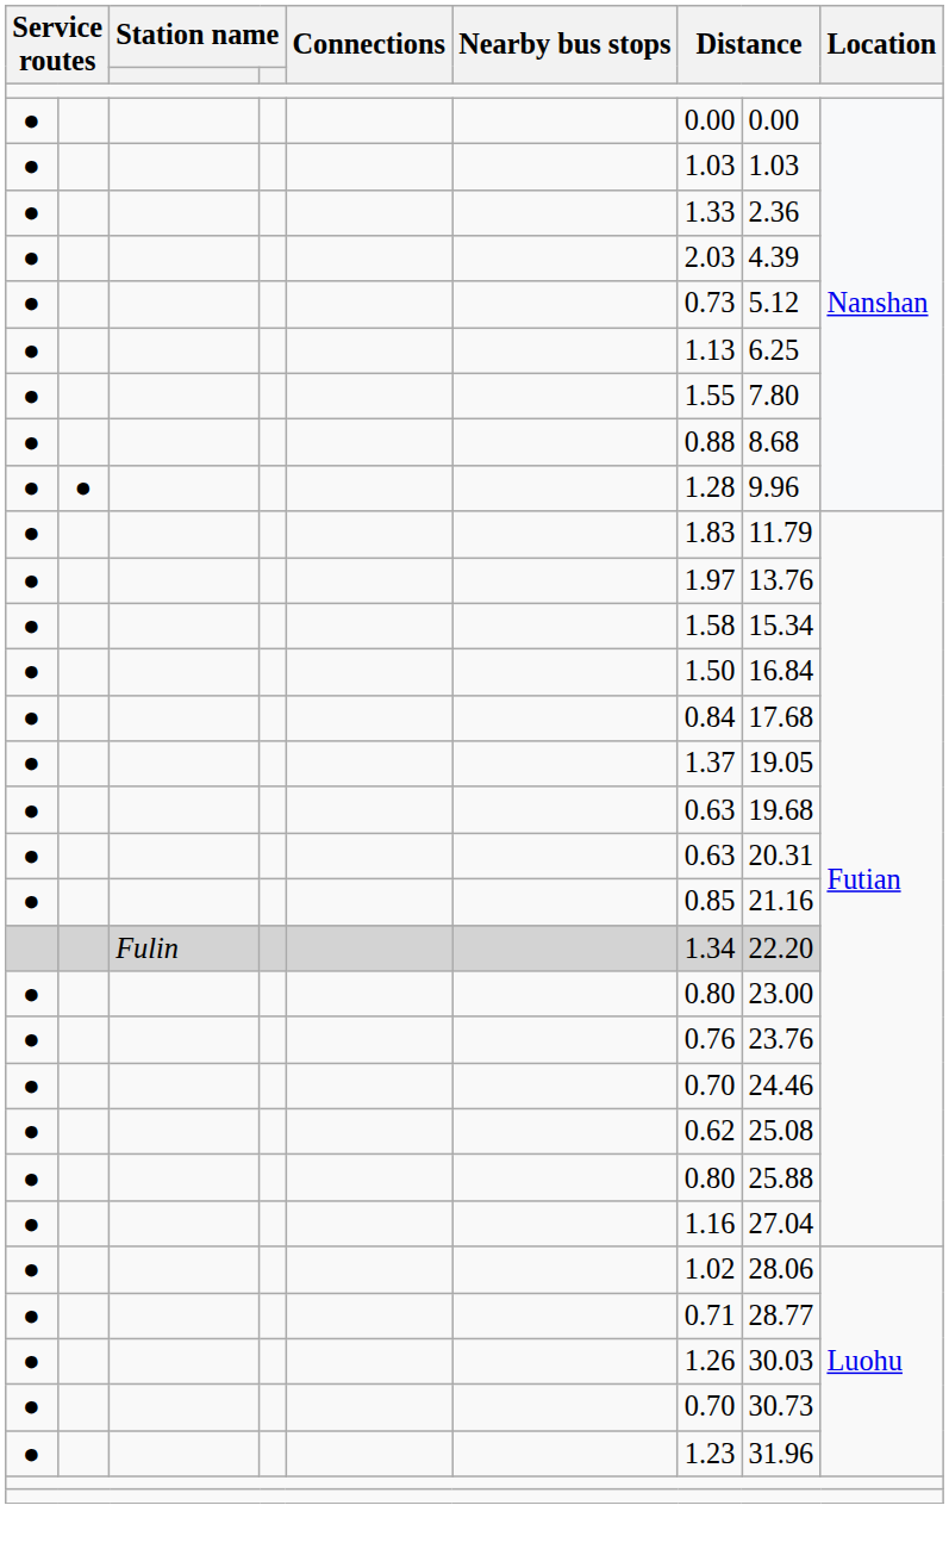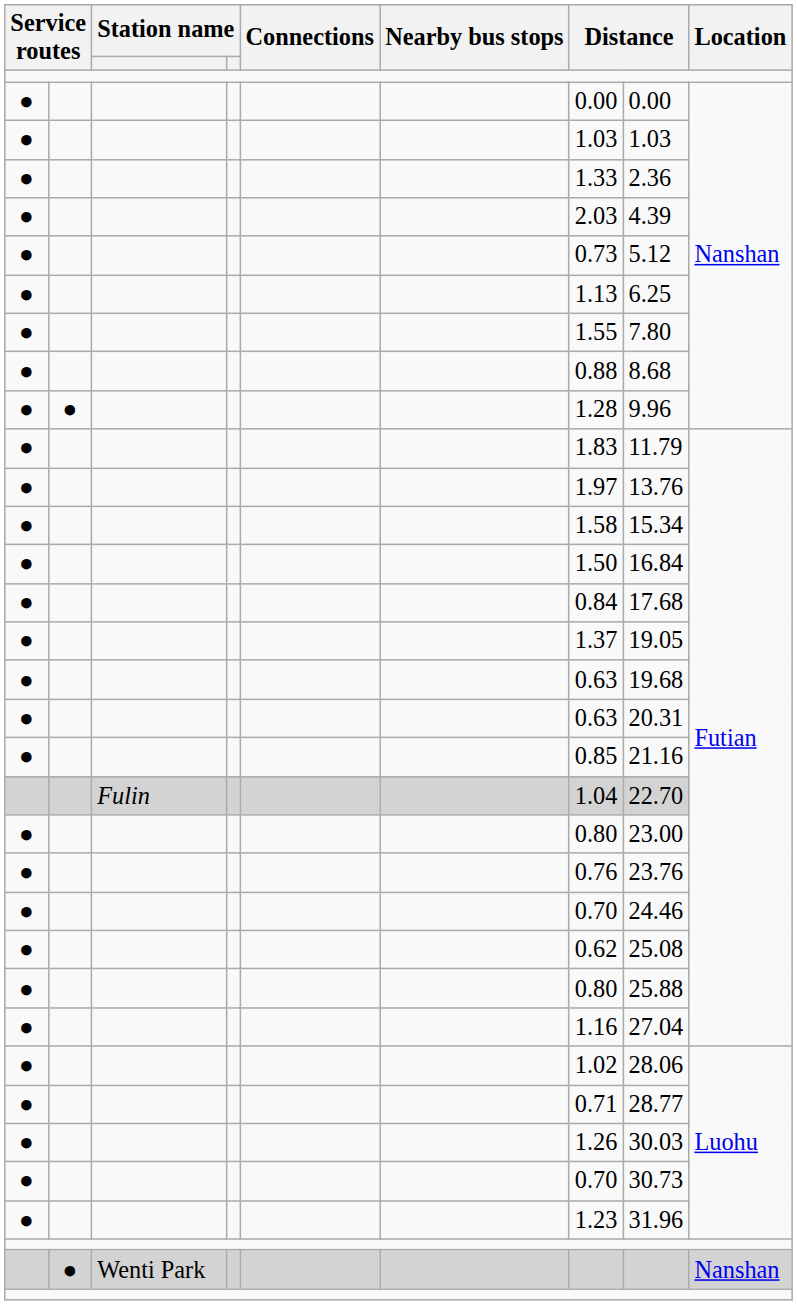 <table class="wikitable">
 <tr>
 <th rowspan="2" colspan="2">Service<br>routes</th>
 <th colspan="2">Station name</th>
 <th rowspan="2">Connections</th>
 <th rowspan="2">Nearby bus stops</th>
 <th colspan="2" rowspan="2">Distance<br></th>
 <th rowspan="2">Location</th>
 </tr>
 <tr>
 <th></th>
 <th></th>
 </tr>
 <tr style="background:#">
 <td colspan="9"></td>
 </tr>
 <tr>
 <td align="center">●</td>
 <td align="center"></td>
 <td></td>
 <td></td>
 <td></td>
 <td></td>
 <td>0.00</td>
 <td>0.00</td>
 <td bgcolor=#F8F9FA rowspan="9"><a href='#'>Nanshan</a></td>
 </tr>
 <tr>
 <td align="center">●</td>
 <td align="center"></td>
 <td></td>
 <td></td>
 <td></td>
 <td></td>
 <td>1.03</td>
 <td>1.03</td>
 </tr>
 <tr>
 <td align="center">●</td>
 <td align="center"></td>
 <td></td>
 <td></td>
 <td></td>
 <td></td>
 <td>1.33</td>
 <td>2.36</td>
 </tr>
 <tr>
 <td align="center">●</td>
 <td align="center"></td>
 <td></td>
 <td></td>
 <td> </td>
 <td></td>
 <td>2.03</td>
 <td>4.39</td>
 </tr>
 <tr>
 <td align="center">●</td>
 <td align="center"></td>
 <td></td>
 <td></td>
 <td></td>
 <td></td>
 <td>0.73</td>
 <td>5.12</td>
 </tr>
 <tr>
 <td align="center">●</td>
 <td align="center"></td>
 <td></td>
 <td></td>
 <td></td>
 <td></td>
 <td>1.13</td>
 <td>6.25</td>
 </tr>
 <tr>
 <td align="center">●</td>
 <td align="center"></td>
 <td></td>
 <td></td>
 <td></td>
 <td></td>
 <td>1.55</td>
 <td>7.80</td>
 </tr>
 <tr>
 <td align="center">●</td>
 <td align="center"></td>
 <td></td>
 <td></td>
 <td></td>
 <td></td>
 <td>0.88</td>
 <td>8.68</td>
 </tr>
 <tr>
 <td align="center">●</td>
 <td align="center">●</td>
 <td></td>
 <td></td>
 <td></td>
 <td></td>
 <td>1.28</td>
 <td>9.96</td>
 </tr>
 <tr>
 <td align="center">●</td>
 <td align="center"></td>
 <td></td>
 <td></td>
 <td> </td>
 <td></td>
 <td>1.83</td>
 <td>11.79</td>
 <td rowspan="16"><a href='#'>Futian</a></td>
 </tr>
 <tr>
 <td align="center">●</td>
 <td align="center"></td>
 <td></td>
 <td></td>
 <td></td>
 <td></td>
 <td>1.97</td>
 <td>13.76</td>
 </tr>
 <tr>
 <td align="center">●</td>
 <td align="center"></td>
 <td></td>
 <td></td>
 <td>  </td>
 <td></td>
 <td>1.58</td>
 <td>15.34</td>
 </tr>
 <tr>
 <td align="center">●</td>
 <td align="center"></td>
 <td></td>
 <td></td>
 <td></td>
 <td></td>
 <td>1.50</td>
 <td>16.84</td>
 </tr>
 <tr>
 <td align="center">●</td>
 <td align="center"></td>
 <td></td>
 <td></td>
 <td></td>
 <td></td>
 <td>0.84</td>
 <td>17.68</td>
 </tr>
 <tr>
 <td align="center">●</td>
 <td align="center"></td>
 <td></td>
 <td></td>
 <td></td>
 <td></td>
 <td>1.37</td>
 <td>19.05</td>
 </tr>
 <tr>
 <td align="center">●</td>
 <td align="center"></td>
 <td></td>
 <td></td>
 <td></td>
 <td></td>
 <td>0.63</td>
 <td>19.68</td>
 </tr>
 <tr>
 <td align="center">●</td>
 <td align="center"></td>
 <td></td>
 <td></td>
 <td> </td>
 <td></td>
 <td>0.63</td>
 <td>20.31</td>
 </tr>
 <tr>
 <td align="center">●</td>
 <td align="center"></td>
 <td></td>
 <td></td>
 <td></td>
 <td></td>
 <td>0.85</td>
 <td>21.16</td>
 </tr>
 <tr bgcolor="lightgrey">
 <td align="center"></td>
 <td align="center"></td>
 <td><em>Fulin</em></td>
 <td></td>
 <td></td>
 <td></td>
-<td>1.34</td>
-<td>22.20</td>
+<td>1.04</td>
+<td>22.70</td>
 </tr>
 <tr>
 <td align="center">●</td>
 <td align="center"></td>
 <td></td>
 <td></td>
 <td></td>
 <td></td>
 <td>0.80</td>
 <td>23.00</td>
 </tr>
 <tr>
 <td align="center">●</td>
 <td align="center"></td>
 <td></td>
 <td></td>
 <td></td>
 <td></td>
 <td>0.76</td>
 <td>23.76</td>
 </tr>
 <tr>
 <td align="center">●</td>
 <td align="center"></td>
 <td></td>
 <td></td>
 <td> </td>
 <td></td>
 <td>0.70</td>
 <td>24.46</td>
 </tr>
 <tr>
 <td align="center">●</td>
 <td align="center"></td>
 <td></td>
 <td></td>
 <td></td>
 <td></td>
 <td>0.62</td>
 <td>25.08</td>
 </tr>
 <tr>
 <td align="center">●</td>
 <td align="center"></td>
 <td></td>
 <td></td>
 <td></td>
 <td></td>
 <td>0.80</td>
 <td>25.88</td>
 </tr>
 <tr>
 <td align="center">●</td>
 <td align="center"></td>
 <td></td>
 <td></td>
 <td></td>
 <td></td>
 <td>1.16</td>
 <td>27.04</td>
 </tr>
 <tr>
 <td align="center">●</td>
 <td align="center"></td>
 <td></td>
 <td></td>
 <td></td>
 <td></td>
 <td>1.02</td>
 <td>28.06</td>
 <td rowspan="5"><a href='#'>Luohu</a></td>
 </tr>
 <tr>
 <td align="center">●</td>
 <td align="center"></td>
 <td></td>
 <td></td>
 <td></td>
 <td></td>
 <td>0.71</td>
 <td>28.77</td>
 </tr>
 <tr>
 <td align="center">●</td>
 <td align="center"></td>
 <td></td>
 <td></td>
 <td></td>
 <td></td>
 <td>1.26</td>
 <td>30.03</td>
 </tr>
 <tr>
 <td align="center">●</td>
 <td align="center"></td>
 <td></td>
 <td></td>
 <td></td>
 <td></td>
 <td>0.70</td>
 <td>30.73</td>
 </tr>
 <tr>
 <td align="center">●</td>
 <td align="center"></td>
 <td></td>
 <td></td>
 <td></td>
 <td></td>
 <td>1.23</td>
 <td>31.96</td>
 </tr>
 <tr style="background:#">
 <td colspan="9"></td>
 </tr>
+<tr bgcolor="lightgrey">
+<td align="center"></td>
+<td align="center">●</td>
+<td>Wenti Park</td>
+<td></td>
+<td align="center"></td>
+<td align="center"></td>
+<td></td>
+<td></td>
+<td><a href='#'>Nanshan</a></td>
+</tr>
 <tr style="background:#">
 <td colspan="9"></td>
 </tr>
 </table>
